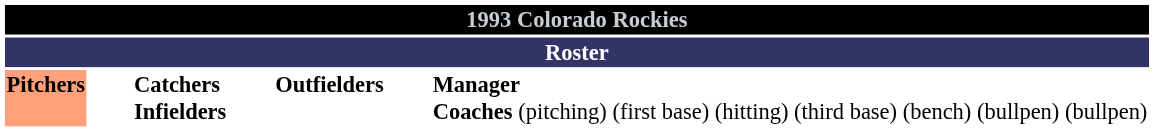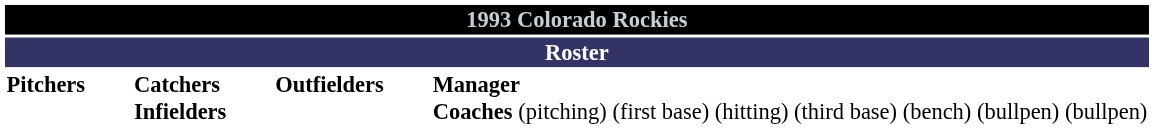 <table class="toccolours" style="font-size: 95%;">
 <tr>
 <th colspan="10" style="background:#000000; color:#C4CED4; text-align:center;">1993 Colorado Rockies</th>
 </tr>
 <tr>
 <td colspan="10" style="background:#333366; color:#FFFFFF; text-align:center;"><strong>Roster</strong></td>
 </tr>
 <tr>
-<td valign="top" style="background: lightsalmon;"><strong>Pitchers</strong><br>                        </td>
+<td valign="top"><strong>Pitchers</strong><br>                        </td>
 <td style="width:25px;"></td>
 <td valign="top"><strong>Catchers</strong><br>    <strong>Infielders</strong>          </td>
 <td style="width:25px;"></td>
 <td valign="top"><strong>Outfielders</strong><br>      </td>
 <td style="width:25px;"></td>
 <td valign="top"><strong>Manager</strong><br> <strong>Coaches</strong>  (pitching)  (first base)  (hitting)  (third base)  (bench)  (bullpen)  (bullpen)</td>
 </tr>
 </table>
